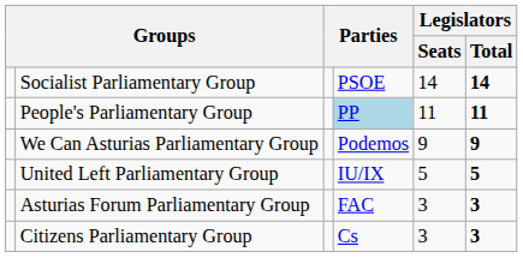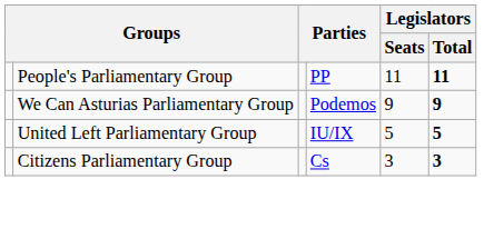 <table class="wikitable" style="text-align:left;">
 <tr>
 <th rowspan="2" colspan="2">Groups</th>
 <th rowspan="2" colspan="2">Parties</th>
 <th colspan="2">Legislators</th>
 </tr>
 <tr>
 <th>Seats</th>
 <th>Total</th>
 </tr>
 <tr>
-<td width="1" style="color:inherit;background:"></td>
-<td>Socialist Parliamentary Group</td>
-<td width="1" style="color:inherit;background:"></td>
-<td align="left"><a href='#'>PSOE</a></td>
-<td>14</td>
-<td><strong>14</strong></td>
-</tr>
-<tr>
 <td style="color:inherit;background:"></td>
 <td>People's Parliamentary Group</td>
 <td style="color:inherit;background:"></td>
-<td align="left" style="background: lightblue;"><a href='#'>PP</a></td>
+<td align="left"><a href='#'>PP</a></td>
 <td>11</td>
 <td><strong>11</strong></td>
 </tr>
 <tr>
 <td style="color:inherit;background:"></td>
 <td>We Can Asturias Parliamentary Group</td>
 <td style="color:inherit;background:"></td>
 <td align="left"><a href='#'>Podemos</a></td>
 <td>9</td>
 <td><strong>9</strong></td>
 </tr>
 <tr>
 <td style="color:inherit;background:"></td>
 <td>United Left Parliamentary Group</td>
 <td style="color:inherit;background:"></td>
 <td align="left"><a href='#'>IU/IX</a></td>
 <td>5</td>
 <td><strong>5</strong></td>
 </tr>
 <tr>
 <td style="color:inherit;background:"></td>
-<td>Asturias Forum Parliamentary Group</td>
-<td style="color:inherit;background:"></td>
-<td align="left"><a href='#'>FAC</a></td>
-<td>3</td>
-<td><strong>3</strong></td>
-</tr>
-<tr>
-<td style="color:inherit;background:"></td>
 <td>Citizens Parliamentary Group</td>
 <td style="color:inherit;background:"></td>
 <td align="left"><a href='#'>Cs</a></td>
 <td>3</td>
 <td><strong>3</strong></td>
 </tr>
 </table>
